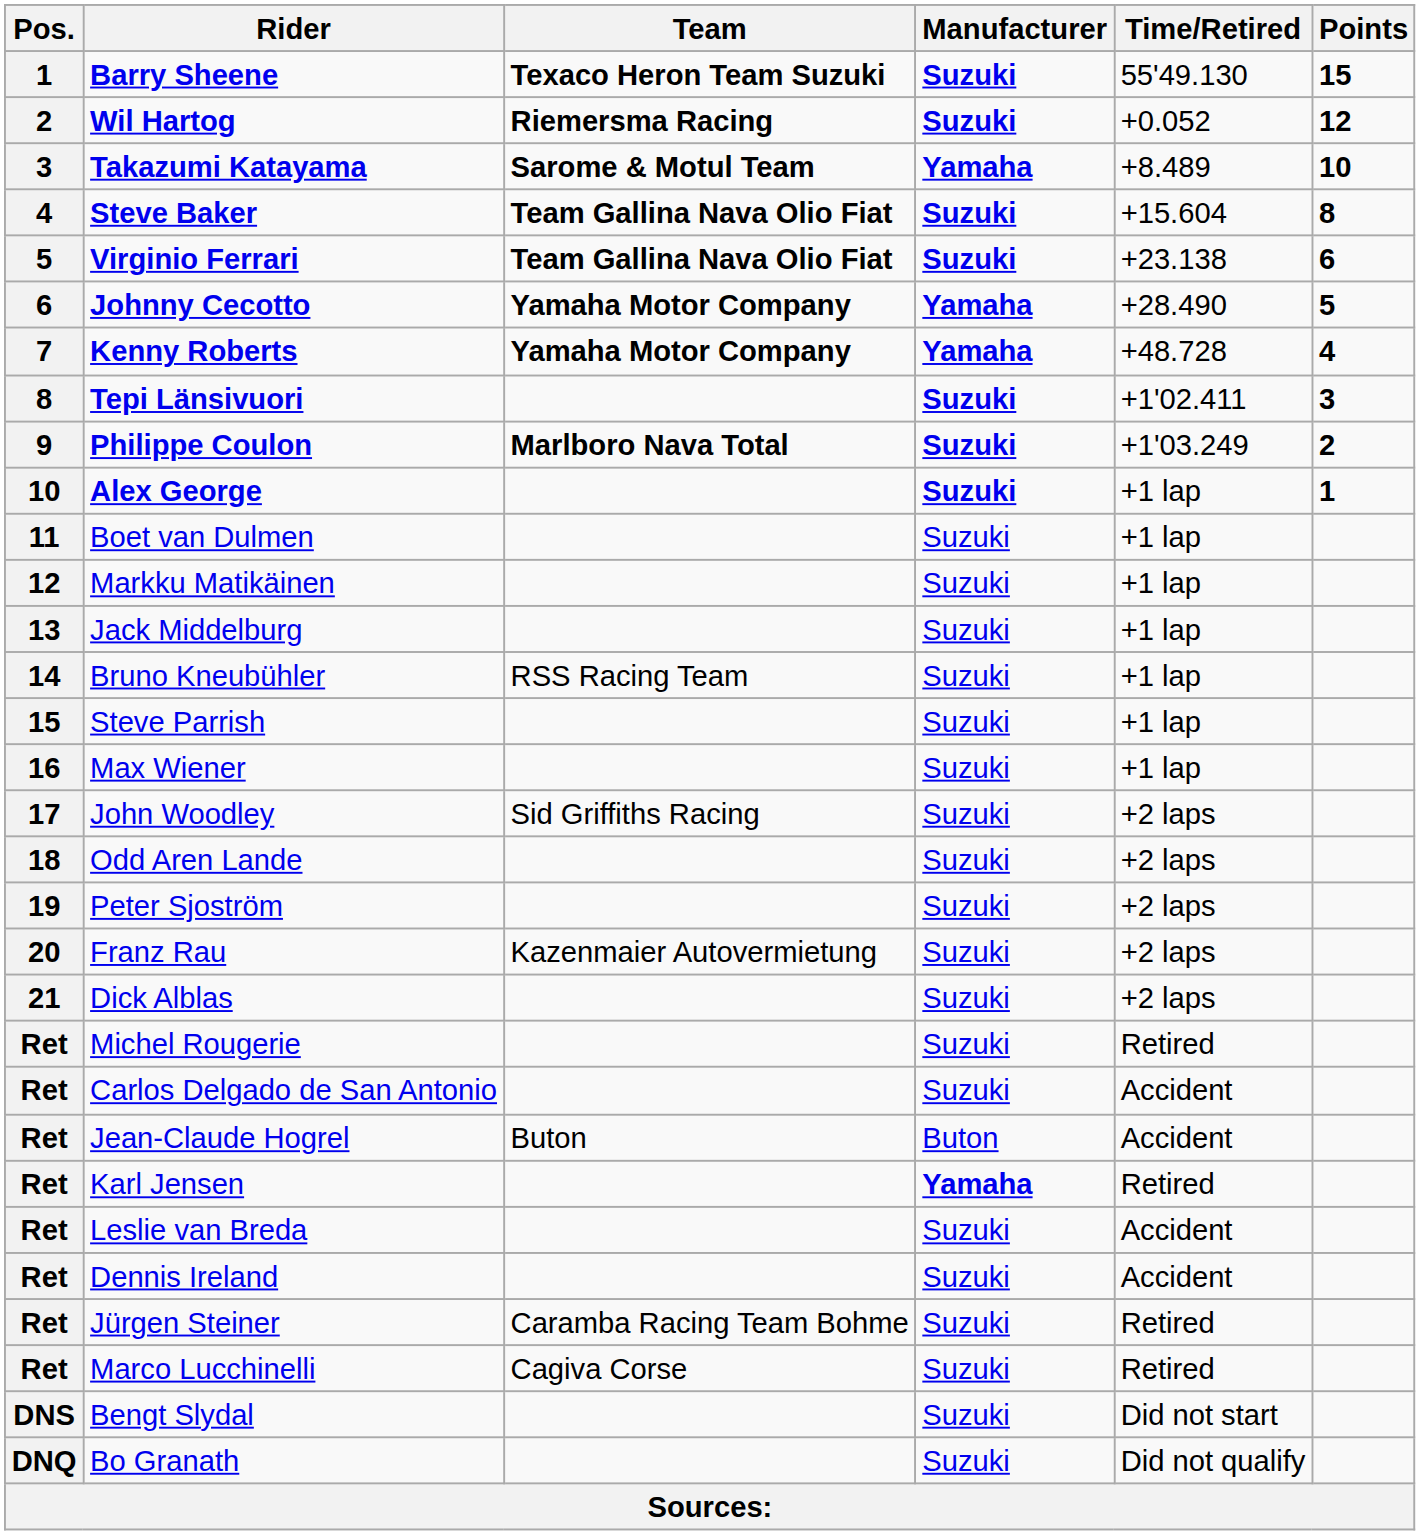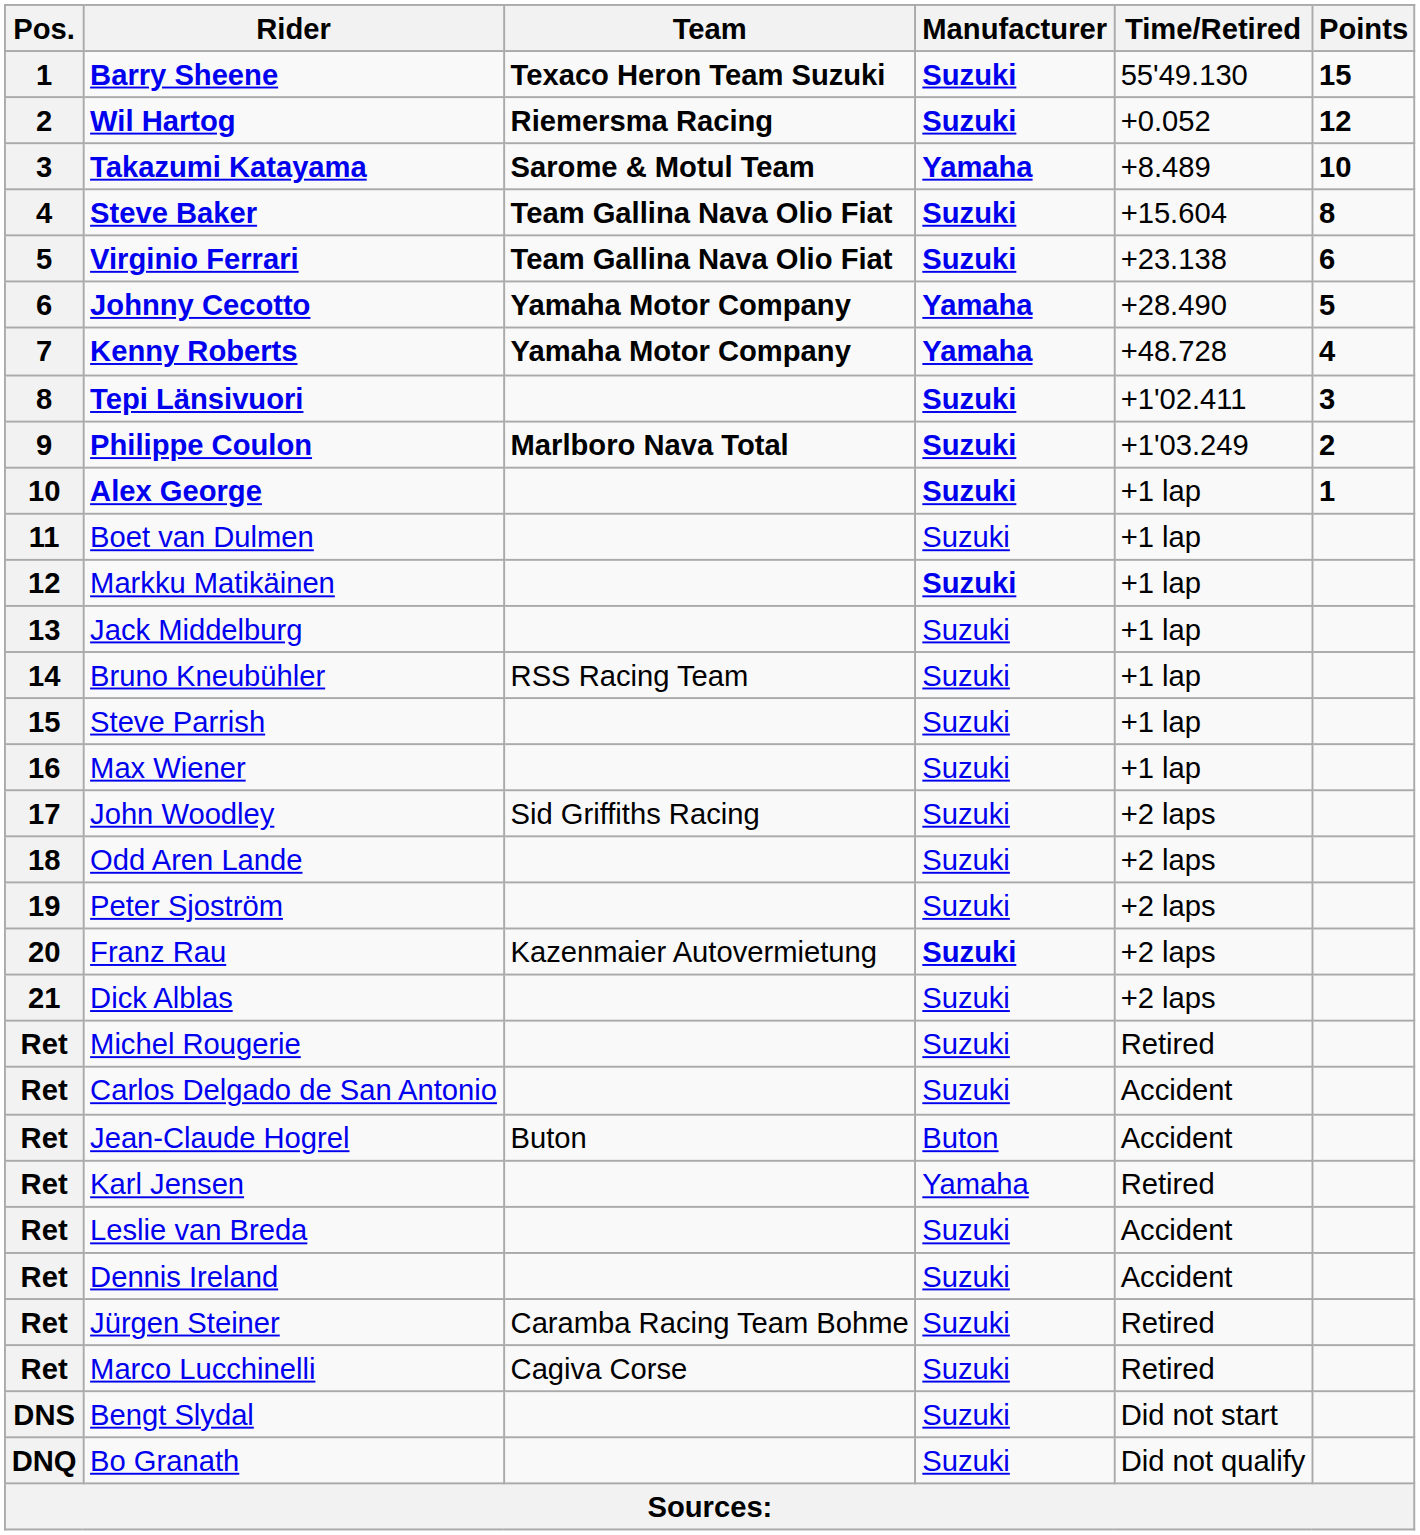 <table class="wikitable" style="font-size: 95%;">
 <tr>
 <th>Pos.</th>
 <th>Rider</th>
 <th>Team</th>
 <th>Manufacturer</th>
 <th>Time/Retired</th>
 <th>Points</th>
 </tr>
 <tr>
 <th>1</th>
 <td> <strong><a href='#'>Barry Sheene</a></strong></td>
 <td><strong>Texaco Heron Team Suzuki</strong></td>
 <td><strong><a href='#'>Suzuki</a></strong></td>
 <td>55'49.130</td>
 <td><strong>15</strong></td>
 </tr>
 <tr>
 <th>2</th>
 <td> <strong><a href='#'>Wil Hartog</a></strong></td>
 <td><strong>Riemersma Racing</strong></td>
 <td><strong><a href='#'>Suzuki</a></strong></td>
 <td>+0.052</td>
 <td><strong>12</strong></td>
 </tr>
 <tr>
 <th>3</th>
 <td> <strong><a href='#'>Takazumi Katayama</a></strong></td>
 <td><strong>Sarome & Motul Team</strong></td>
 <td><strong><a href='#'>Yamaha</a></strong></td>
 <td>+8.489</td>
 <td><strong>10</strong></td>
 </tr>
 <tr>
 <th>4</th>
 <td> <strong><a href='#'>Steve Baker</a></strong></td>
 <td><strong>Team Gallina Nava Olio Fiat</strong></td>
 <td><strong><a href='#'>Suzuki</a></strong></td>
 <td>+15.604</td>
 <td><strong>8</strong></td>
 </tr>
 <tr>
 <th>5</th>
 <td> <strong><a href='#'>Virginio Ferrari</a></strong></td>
 <td><strong>Team Gallina Nava Olio Fiat</strong></td>
 <td><strong><a href='#'>Suzuki</a></strong></td>
 <td>+23.138</td>
 <td><strong>6</strong></td>
 </tr>
 <tr>
 <th>6</th>
 <td> <strong><a href='#'>Johnny Cecotto</a></strong></td>
 <td><strong>Yamaha Motor Company</strong></td>
 <td><strong><a href='#'>Yamaha</a></strong></td>
 <td>+28.490</td>
 <td><strong>5</strong></td>
 </tr>
 <tr>
 <th>7</th>
 <td> <strong><a href='#'>Kenny Roberts</a></strong></td>
 <td><strong>Yamaha Motor Company</strong></td>
 <td><strong><a href='#'>Yamaha</a></strong></td>
 <td>+48.728</td>
 <td><strong>4</strong></td>
 </tr>
 <tr>
 <th>8</th>
 <td> <strong><a href='#'>Tepi Länsivuori</a></strong></td>
 <td></td>
 <td><strong><a href='#'>Suzuki</a></strong></td>
 <td>+1'02.411</td>
 <td><strong>3</strong></td>
 </tr>
 <tr>
 <th>9</th>
 <td> <strong><a href='#'>Philippe Coulon</a></strong></td>
 <td><strong>Marlboro Nava Total</strong></td>
 <td><strong><a href='#'>Suzuki</a></strong></td>
 <td>+1'03.249</td>
 <td><strong>2</strong></td>
 </tr>
 <tr>
 <th>10</th>
 <td> <strong><a href='#'>Alex George</a></strong></td>
 <td></td>
 <td><strong><a href='#'>Suzuki</a></strong></td>
 <td>+1 lap</td>
 <td><strong>1</strong></td>
 </tr>
 <tr>
 <th>11</th>
 <td> <a href='#'>Boet van Dulmen</a></td>
 <td></td>
 <td><a href='#'>Suzuki</a></td>
 <td>+1 lap</td>
 <td></td>
 </tr>
 <tr>
 <th>12</th>
 <td> <a href='#'>Markku Matikäinen</a></td>
 <td></td>
-<td><a href='#'>Suzuki</a></td>
+<td><strong><a href='#'>Suzuki</a></strong></td>
 <td>+1 lap</td>
 <td></td>
 </tr>
 <tr>
 <th>13</th>
 <td> <a href='#'>Jack Middelburg</a></td>
 <td></td>
 <td><a href='#'>Suzuki</a></td>
 <td>+1 lap</td>
 <td></td>
 </tr>
 <tr>
 <th>14</th>
 <td> <a href='#'>Bruno Kneubühler</a></td>
 <td>RSS Racing Team</td>
 <td><a href='#'>Suzuki</a></td>
 <td>+1 lap</td>
 <td></td>
 </tr>
 <tr>
 <th>15</th>
 <td> <a href='#'>Steve Parrish</a></td>
 <td></td>
 <td><a href='#'>Suzuki</a></td>
 <td>+1 lap</td>
 <td></td>
 </tr>
 <tr>
 <th>16</th>
 <td> <a href='#'>Max Wiener</a></td>
 <td></td>
 <td><a href='#'>Suzuki</a></td>
 <td>+1 lap</td>
 <td></td>
 </tr>
 <tr>
 <th>17</th>
 <td> <a href='#'>John Woodley</a></td>
 <td>Sid Griffiths Racing</td>
 <td><a href='#'>Suzuki</a></td>
 <td>+2 laps</td>
 <td></td>
 </tr>
 <tr>
 <th>18</th>
 <td> <a href='#'>Odd Aren Lande</a></td>
 <td></td>
 <td><a href='#'>Suzuki</a></td>
 <td>+2 laps</td>
 <td></td>
 </tr>
 <tr>
 <th>19</th>
 <td> <a href='#'>Peter Sjoström</a></td>
 <td></td>
 <td><a href='#'>Suzuki</a></td>
 <td>+2 laps</td>
 <td></td>
 </tr>
 <tr>
 <th>20</th>
 <td> <a href='#'>Franz Rau</a></td>
 <td>Kazenmaier Autovermietung</td>
-<td><a href='#'>Suzuki</a></td>
+<td><strong><a href='#'>Suzuki</a></strong></td>
 <td>+2 laps</td>
 <td></td>
 </tr>
 <tr>
 <th>21</th>
 <td> <a href='#'>Dick Alblas</a></td>
 <td></td>
 <td><a href='#'>Suzuki</a></td>
 <td>+2 laps</td>
 <td></td>
 </tr>
 <tr>
 <th>Ret</th>
 <td> <a href='#'>Michel Rougerie</a></td>
 <td></td>
 <td><a href='#'>Suzuki</a></td>
 <td>Retired</td>
 <td></td>
 </tr>
 <tr>
 <th>Ret</th>
 <td> <a href='#'>Carlos Delgado de San Antonio</a></td>
 <td></td>
 <td><a href='#'>Suzuki</a></td>
 <td>Accident</td>
 <td></td>
 </tr>
 <tr>
 <th>Ret</th>
 <td> <a href='#'>Jean-Claude Hogrel</a></td>
 <td>Buton</td>
 <td><a href='#'>Buton</a></td>
 <td>Accident</td>
 <td></td>
 </tr>
 <tr>
 <th>Ret</th>
 <td> <a href='#'>Karl Jensen</a></td>
 <td></td>
-<td><strong><a href='#'>Yamaha</a></strong></td>
+<td><a href='#'>Yamaha</a></td>
 <td>Retired</td>
 <td></td>
 </tr>
 <tr>
 <th>Ret</th>
 <td> <a href='#'>Leslie van Breda</a></td>
 <td></td>
 <td><a href='#'>Suzuki</a></td>
 <td>Accident</td>
 <td></td>
 </tr>
 <tr>
 <th>Ret</th>
 <td> <a href='#'>Dennis Ireland</a></td>
 <td></td>
 <td><a href='#'>Suzuki</a></td>
 <td>Accident</td>
 <td></td>
 </tr>
 <tr>
 <th>Ret</th>
 <td> <a href='#'>Jürgen Steiner</a></td>
 <td>Caramba Racing Team Bohme</td>
 <td><a href='#'>Suzuki</a></td>
 <td>Retired</td>
 <td></td>
 </tr>
 <tr>
 <th>Ret</th>
 <td> <a href='#'>Marco Lucchinelli</a></td>
 <td>Cagiva Corse</td>
 <td><a href='#'>Suzuki</a></td>
 <td>Retired</td>
 <td></td>
 </tr>
 <tr>
 <th>DNS</th>
 <td> <a href='#'>Bengt Slydal</a></td>
 <td></td>
 <td><a href='#'>Suzuki</a></td>
 <td>Did not start</td>
 <td></td>
 </tr>
 <tr>
 <th>DNQ</th>
 <td> <a href='#'>Bo Granath</a></td>
 <td></td>
 <td><a href='#'>Suzuki</a></td>
 <td>Did not qualify</td>
 <td></td>
 </tr>
 <tr>
 <th colspan=9>Sources: </th>
 </tr>
 </table>
